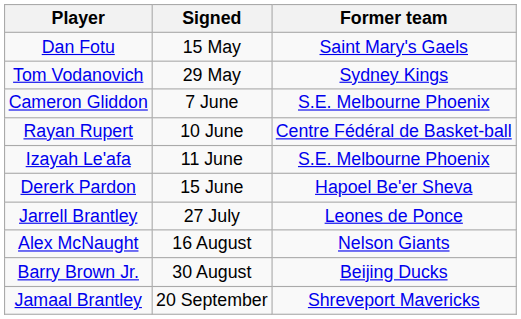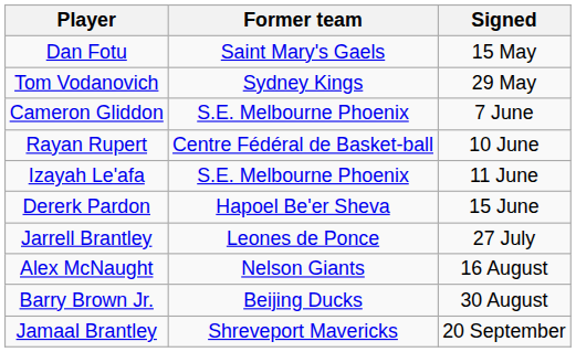 <table class="wikitable sortable sortable" style="text-align: center">
 <tr>
 <th>Player</th>
+<th>Former team</th>
 <th>Signed</th>
-<th>Former team</th>
 </tr>
 <tr>
 <td><a href='#'>Dan Fotu</a></td>
+<td><a href='#'>Saint Mary's Gaels</a></td>
 <td>15 May</td>
-<td><a href='#'>Saint Mary's Gaels</a></td>
 </tr>
 <tr>
 <td><a href='#'>Tom Vodanovich</a></td>
+<td><a href='#'>Sydney Kings</a></td>
 <td>29 May</td>
-<td><a href='#'>Sydney Kings</a></td>
 </tr>
 <tr>
 <td><a href='#'>Cameron Gliddon</a></td>
+<td><a href='#'>S.E. Melbourne Phoenix</a></td>
 <td>7 June</td>
-<td><a href='#'>S.E. Melbourne Phoenix</a></td>
 </tr>
 <tr>
 <td><a href='#'>Rayan Rupert</a></td>
+<td><a href='#'>Centre Fédéral de Basket-ball</a></td>
 <td>10 June</td>
-<td><a href='#'>Centre Fédéral de Basket-ball</a></td>
 </tr>
 <tr>
 <td><a href='#'>Izayah Le'afa</a></td>
+<td><a href='#'>S.E. Melbourne Phoenix</a></td>
 <td>11 June</td>
-<td><a href='#'>S.E. Melbourne Phoenix</a></td>
 </tr>
 <tr>
 <td><a href='#'>Dererk Pardon</a></td>
+<td><a href='#'>Hapoel Be'er Sheva</a></td>
 <td>15 June</td>
-<td><a href='#'>Hapoel Be'er Sheva</a></td>
 </tr>
 <tr>
 <td><a href='#'>Jarrell Brantley</a></td>
+<td><a href='#'>Leones de Ponce</a></td>
 <td>27 July</td>
-<td><a href='#'>Leones de Ponce</a></td>
 </tr>
 <tr>
 <td><a href='#'>Alex McNaught</a></td>
+<td><a href='#'>Nelson Giants</a></td>
 <td>16 August</td>
-<td><a href='#'>Nelson Giants</a></td>
 </tr>
 <tr>
 <td><a href='#'>Barry Brown Jr.</a></td>
+<td><a href='#'>Beijing Ducks</a></td>
 <td>30 August</td>
-<td><a href='#'>Beijing Ducks</a></td>
 </tr>
 <tr>
 <td><a href='#'>Jamaal Brantley</a></td>
+<td><a href='#'>Shreveport Mavericks</a></td>
 <td>20 September</td>
-<td><a href='#'>Shreveport Mavericks</a></td>
 </tr>
 </table>
